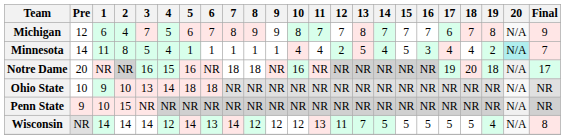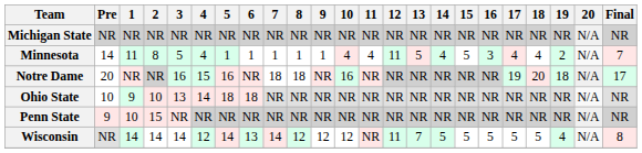 <table class="wikitable sortable" style="text-align: center;">
 <tr>
 <th>Team</th>
 <th>Pre</th>
 <th>1</th>
 <th>2</th>
 <th>3</th>
 <th>4</th>
 <th>5</th>
 <th>6</th>
 <th>7</th>
 <th>8</th>
 <th>9</th>
 <th>10</th>
 <th>11</th>
 <th>12</th>
 <th>13</th>
 <th>14</th>
 <th>15</th>
 <th>16</th>
 <th>17</th>
 <th>18</th>
 <th>19</th>
 <th>20</th>
 <th>Final</th>
 </tr>
-<tr>
-<th>Michigan</th>
-<td bgcolor=FFFFFF>12</td>
-<td bgcolor=D8FFEB>6</td>
-<td bgcolor=D8FFEB>4</td>
-<td bgcolor=FFE6E6>7</td>
-<td bgcolor=D8FFEB>5</td>
-<td bgcolor=FFE6E6>6</td>
-<td bgcolor=FFE6E6>7</td>
-<td bgcolor=FFE6E6>8</td>
-<td bgcolor=FFE6E6>9</td>
-<td bgcolor=FFFFFF>9</td>
-<td bgcolor=D8FFEB>8</td>
-<td bgcolor=D8FFEB>7</td>
-<td bgcolor=FFFFFF>7</td>
-<td bgcolor=FFE6E6>8</td>
-<td bgcolor=D8FFEB>7</td>
-<td bgcolor=FFFFFF>7</td>
-<td bgcolor=FFFFFF>7</td>
-<td bgcolor=D8FFEB>6</td>
-<td bgcolor=FFE6E6>7</td>
-<td bgcolor=FFE6E6>8</td>
+<tr bgcolor=f0f0f0>
+<th>Michigan State</th>
+<td bgcolor=d0d0d0>NR</td>
+<td bgcolor=d0d0d0>NR</td>
+<td bgcolor=d0d0d0>NR</td>
+<td bgcolor=d0d0d0>NR</td>
+<td bgcolor=d0d0d0>NR</td>
+<td bgcolor=d0d0d0>NR</td>
+<td bgcolor=d0d0d0>NR</td>
+<td bgcolor=d0d0d0>NR</td>
+<td bgcolor=d0d0d0>NR</td>
+<td bgcolor=d0d0d0>NR</td>
+<td bgcolor=d0d0d0>NR</td>
+<td bgcolor=d0d0d0>NR</td>
+<td bgcolor=d0d0d0>NR</td>
+<td bgcolor=d0d0d0>NR</td>
+<td bgcolor=d0d0d0>NR</td>
+<td bgcolor=d0d0d0>NR</td>
+<td bgcolor=d0d0d0>NR</td>
+<td bgcolor=d0d0d0>NR</td>
+<td bgcolor=d0d0d0>NR</td>
+<td bgcolor=d0d0d0>NR</td>
 <td>N/A</td>
-<td bgcolor=FFE6E6>9</td>
+<td bgcolor=d0d0d0>NR</td>
 </tr>
 <tr>
 <th>Minnesota</th>
 <td bgcolor=FFFFFF>14</td>
 <td bgcolor=D8FFEB>11</td>
 <td bgcolor=D8FFEB>8</td>
 <td bgcolor=D8FFEB>5</td>
 <td bgcolor=D8FFEB>4</td>
 <td bgcolor=D8FFEB>1</td>
 <td bgcolor=FFFFFF>1</td>
 <td bgcolor=FFFFFF>1</td>
 <td bgcolor=FFFFFF>1</td>
 <td bgcolor=FFFFFF>1</td>
 <td bgcolor=FFE6E6>4</td>
 <td bgcolor=FFFFFF>4</td>
-<td bgcolor=D8FFEB>2</td>
+<td bgcolor=D8FFEB>11</td>
 <td bgcolor=FFE6E6>5</td>
 <td bgcolor=D8FFEB>4</td>
 <td bgcolor=FFFFFF>5</td>
 <td bgcolor=D8FFEB>3</td>
 <td bgcolor=FFE6E6>4</td>
 <td bgcolor=FFFFFF>4</td>
 <td bgcolor=D8FFEB>2</td>
-<td style="background: paleturquoise;">N/A</td>
+<td>N/A</td>
 <td bgcolor=FFE6E6>7</td>
 </tr>
 <tr bgcolor=f0f0f0>
 <th>Notre Dame</th>
 <td bgcolor=FFFFFF>20</td>
 <td bgcolor=FFE6E6>NR</td>
 <td bgcolor=d0d0d0>NR</td>
 <td bgcolor=D8FFEB>16</td>
 <td bgcolor=D8FFEB>15</td>
 <td bgcolor=FFE6E6>16</td>
 <td bgcolor=FFE6E6>NR</td>
 <td bgcolor=FFFFFF>18</td>
 <td bgcolor=FFFFFF>18</td>
 <td bgcolor=FFE6E6>NR</td>
 <td bgcolor=D8FFEB>16</td>
 <td bgcolor=FFE6E6>NR</td>
 <td bgcolor=d0d0d0>NR</td>
 <td bgcolor=d0d0d0>NR</td>
 <td bgcolor=d0d0d0>NR</td>
 <td bgcolor=d0d0d0>NR</td>
 <td bgcolor=d0d0d0>NR</td>
 <td bgcolor=D8FFEB>19</td>
 <td bgcolor=FFE6E6>20</td>
 <td bgcolor=D8FFEB>18</td>
 <td>N/A</td>
 <td bgcolor=D8FFEB>17</td>
 </tr>
 <tr>
 <th>Ohio State</th>
 <td bgcolor=FFFFFF>10</td>
 <td bgcolor=D8FFEB>9</td>
 <td bgcolor=FFE6E6>10</td>
 <td bgcolor=FFE6E6>13</td>
 <td bgcolor=FFE6E6>14</td>
 <td bgcolor=FFE6E6>18</td>
 <td bgcolor=FFE6E6>18</td>
 <td bgcolor=e0e0e0>NR</td>
 <td bgcolor=e0e0e0>NR</td>
 <td bgcolor=e0e0e0>NR</td>
 <td bgcolor=e0e0e0>NR</td>
 <td bgcolor=e0e0e0>NR</td>
 <td bgcolor=e0e0e0>NR</td>
 <td bgcolor=e0e0e0>NR</td>
 <td bgcolor=e0e0e0>NR</td>
 <td bgcolor=e0e0e0>NR</td>
 <td bgcolor=e0e0e0>NR</td>
 <td bgcolor=e0e0e0>NR</td>
 <td bgcolor=e0e0e0>NR</td>
 <td bgcolor=e0e0e0>NR</td>
 <td>N/A</td>
 <td bgcolor=e0e0e0>NR</td>
 </tr>
 <tr bgcolor=f0f0f0>
 <th>Penn State</th>
 <td bgcolor=FFE6E6>9</td>
 <td bgcolor=FFE6E6>10</td>
 <td bgcolor=FFE6E6>15</td>
 <td bgcolor=FFE6E6>NR</td>
 <td bgcolor=d0d0d0>NR</td>
 <td bgcolor=d0d0d0>NR</td>
 <td bgcolor=d0d0d0>NR</td>
 <td bgcolor=d0d0d0>NR</td>
 <td bgcolor=d0d0d0>NR</td>
 <td bgcolor=d0d0d0>NR</td>
 <td bgcolor=d0d0d0>NR</td>
 <td bgcolor=d0d0d0>NR</td>
 <td bgcolor=d0d0d0>NR</td>
 <td bgcolor=d0d0d0>NR</td>
 <td bgcolor=d0d0d0>NR</td>
 <td bgcolor=d0d0d0>NR</td>
 <td bgcolor=d0d0d0>NR</td>
 <td bgcolor=d0d0d0>NR</td>
 <td bgcolor=d0d0d0>NR</td>
 <td bgcolor=d0d0d0>NR</td>
 <td>N/A</td>
 <td bgcolor=d0d0d0>NR</td>
 </tr>
 <tr>
 <th>Wisconsin</th>
 <td bgcolor=e0e0e0>NR</td>
 <td bgcolor=D8FFEB>14</td>
 <td bgcolor=FFFFFF>14</td>
 <td bgcolor=FFFFFF>14</td>
 <td bgcolor=D8FFEB>12</td>
 <td bgcolor=FFE6E6>14</td>
 <td bgcolor=D8FFEB>13</td>
 <td bgcolor=FFE6E6>14</td>
 <td bgcolor=D8FFEB>12</td>
 <td bgcolor=FFFFFF>12</td>
 <td bgcolor=FFFFFF>12</td>
-<td bgcolor=FFE6E6>13</td>
+<td bgcolor=FFE6E6>NR</td>
 <td bgcolor=D8FFEB>11</td>
 <td bgcolor=D8FFEB>7</td>
 <td bgcolor=D8FFEB>5</td>
 <td bgcolor=FFFFFF>5</td>
 <td bgcolor=FFFFFF>5</td>
 <td bgcolor=FFFFFF>5</td>
 <td bgcolor=FFFFFF>5</td>
 <td bgcolor=D8FFEB>4</td>
 <td>N/A</td>
 <td bgcolor=FFE6E6>8</td>
 </tr>
 <tr>
 </tr>
 </table>
